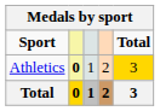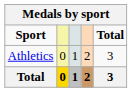 <table class="wikitable" style="font-size:85%; float:right">
 <tr style="background:#efefef;">
 <th colspan=7><strong>Medals by sport</strong></th>
 </tr>
 <tr align=center>
 <td><strong>Sport</strong></td>
 <td style="background:#f7f6a8;"></td>
 <td style="background:#dce5e5;"></td>
 <td style="background:#ffdab9;"></td>
 <td><strong>Total</strong></td>
 </tr>
 <tr align=center>
 <td><a href='#'>Athletics</a></td>
-<td style="background:#f7f6a8;"><strong>0</strong></td>
+<td style="background:#f7f6a8;">0</td>
 <td style="background:#dce5e5;">1</td>
 <td style="background:#ffdab9;">2</td>
-<td style="background: gold;">3</td>
+<td>3</td>
 </tr>
 <tr align=center>
 <th><strong>Total</strong></th>
 <th style="background:gold;"><strong>0</strong></th>
 <th style="background:silver;"><strong>1</strong></th>
 <th style="background:#c96;"><strong>2</strong></th>
 <th><strong>3</strong></th>
 </tr>
 </table>
